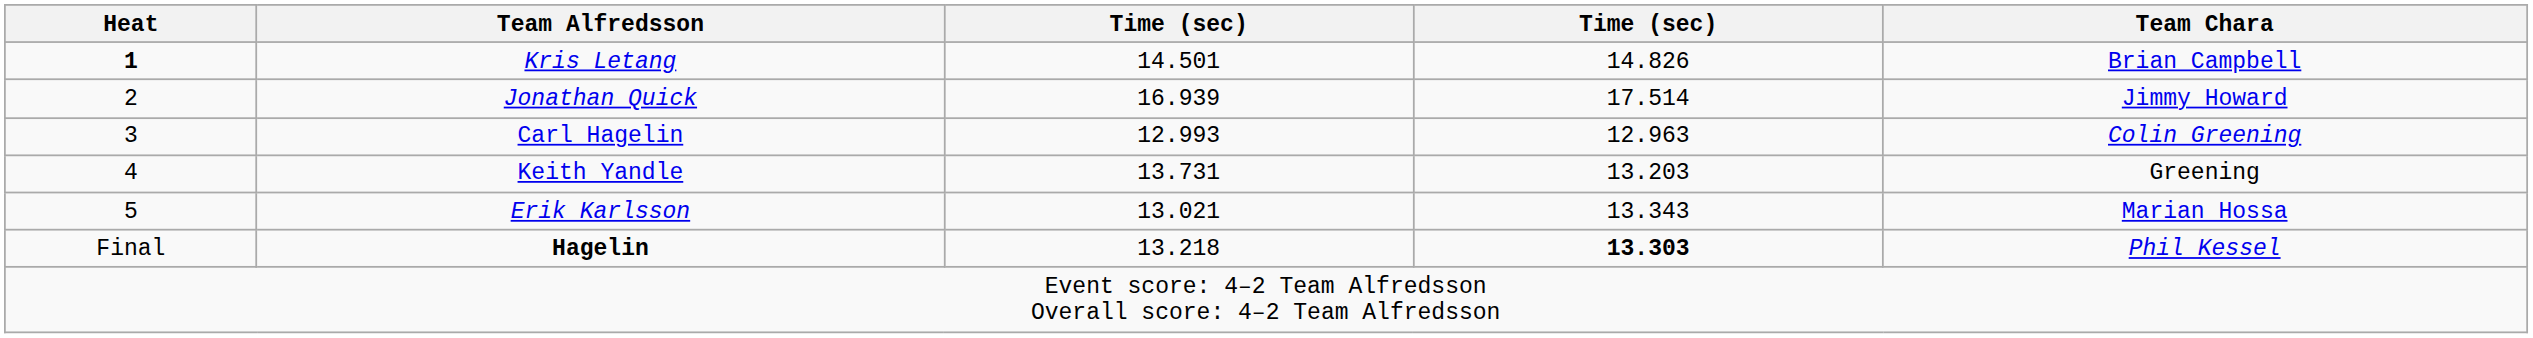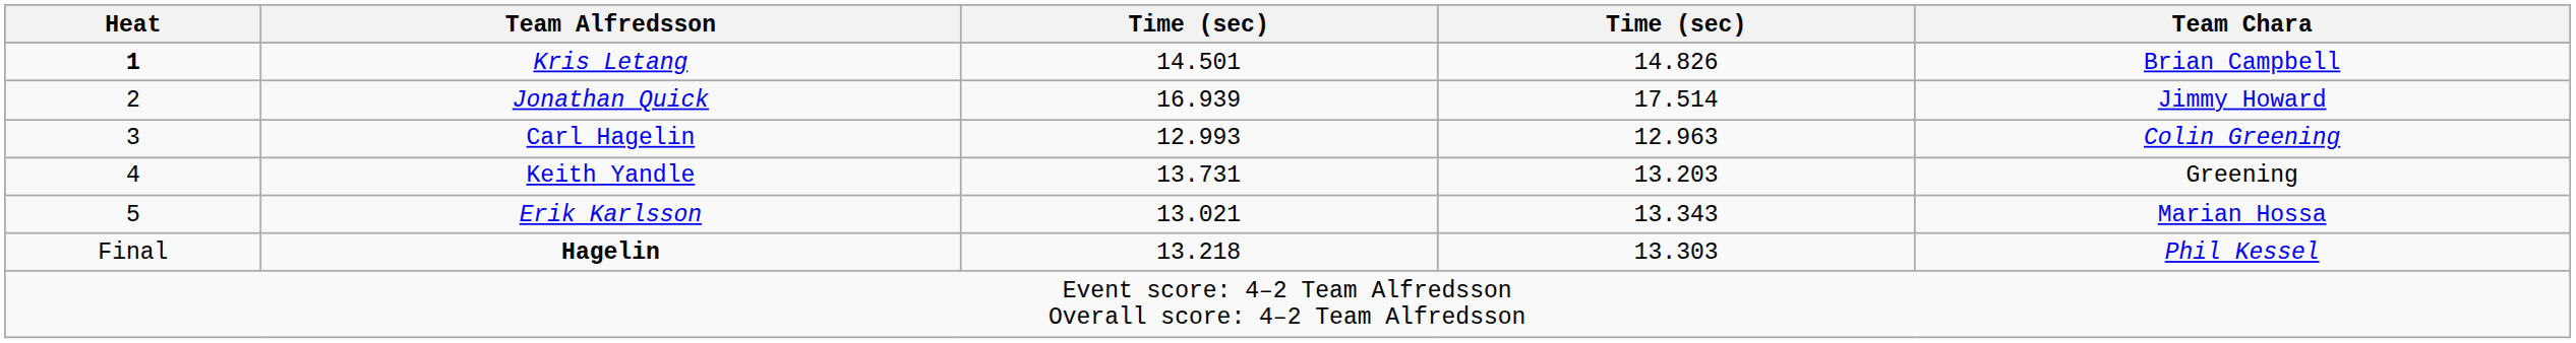 <table width="90%" class="wikitable">
 <tr>
 <th>Heat</th>
 <th>Team Alfredsson</th>
 <th>Time (sec)</th>
 <th>Time (sec)</th>
 <th>Team Chara</th>
 </tr>
 <tr align="center">
 <td><strong>1</strong></td>
 <td><em><a href='#'>Kris Letang</a></em></td>
 <td>14.501</td>
 <td>14.826</td>
 <td><a href='#'>Brian Campbell</a></td>
 </tr>
 <tr align="center">
 <td>2</td>
 <td><em><a href='#'>Jonathan Quick</a></em></td>
 <td>16.939</td>
 <td>17.514</td>
 <td><a href='#'>Jimmy Howard</a></td>
 </tr>
 <tr align="center">
 <td>3</td>
 <td><a href='#'>Carl Hagelin</a></td>
 <td>12.993</td>
 <td>12.963</td>
 <td><em><a href='#'>Colin Greening</a></em></td>
 </tr>
 <tr align="center">
 <td>4</td>
 <td><a href='#'>Keith Yandle</a></td>
 <td>13.731</td>
 <td>13.203</td>
 <td>Greening</td>
 </tr>
 <tr align="center">
 <td>5</td>
 <td><em><a href='#'>Erik Karlsson</a></em></td>
 <td>13.021</td>
 <td>13.343</td>
 <td><a href='#'>Marian Hossa</a></td>
 </tr>
 <tr align="center">
 <td>Final</td>
 <td><strong>Hagelin</strong></td>
 <td>13.218</td>
-<td><strong>13.303</strong></td>
+<td>13.303</td>
 <td><em><a href='#'>Phil Kessel</a></em></td>
 </tr>
 <tr align="center">
 <td colspan="5">Event score: 4–2 Team Alfredsson<br>Overall score: 4–2 Team Alfredsson</td>
 </tr>
 </table>
